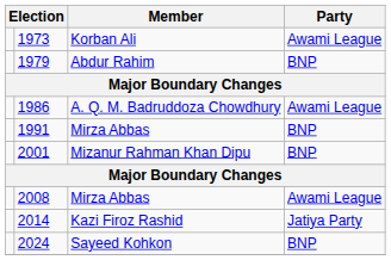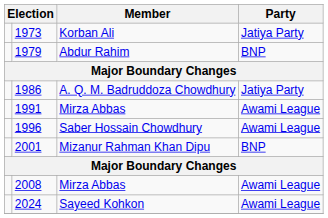 <table class="wikitable">
 <tr>
 <th colspan="2">Election</th>
 <th>Member</th>
 <th>Party</th>
 </tr>
 <tr>
 <td style="background-color:"></td>
 <td><a href='#'>1973</a></td>
 <td><a href='#'>Korban Ali</a></td>
-<td><a href='#'>Awami League</a></td>
+<td><a href='#'>Jatiya Party</a></td>
 </tr>
 <tr>
 <td style="background-color:"></td>
 <td><a href='#'>1979</a></td>
 <td><a href='#'>Abdur Rahim</a></td>
 <td><a href='#'>BNP</a></td>
 </tr>
 <tr>
 <th colspan="4">Major Boundary Changes</th>
 </tr>
 <tr>
 <td style="background-color:"></td>
 <td><a href='#'>1986</a></td>
 <td><a href='#'>A. Q. M. Badruddoza Chowdhury</a></td>
-<td><a href='#'>Awami League</a></td>
+<td><a href='#'>Jatiya Party</a></td>
 </tr>
 <tr>
 <td style="background-color:"></td>
 <td><a href='#'>1991</a></td>
 <td><a href='#'>Mirza Abbas</a></td>
-<td><a href='#'>BNP</a></td>
+<td><a href='#'>Awami League</a></td>
+</tr>
+<tr>
+<td style="background-color:"></td>
+<td><a href='#'>1996</a></td>
+<td><a href='#'>Saber Hossain Chowdhury</a></td>
+<td><a href='#'>Awami League</a></td>
 </tr>
 <tr>
 <td style="background-color:"></td>
 <td><a href='#'>2001</a></td>
 <td><a href='#'>Mizanur Rahman Khan Dipu</a></td>
 <td><a href='#'>BNP</a></td>
 </tr>
 <tr>
 <th colspan="4">Major Boundary Changes</th>
 </tr>
 <tr>
 <td style="background-color:"></td>
 <td><a href='#'>2008</a></td>
 <td><a href='#'>Mirza Abbas</a></td>
 <td><a href='#'>Awami League</a></td>
 </tr>
 <tr>
 <td style="background-color:"></td>
-<td><a href='#'>2014</a></td>
-<td><a href='#'>Kazi Firoz Rashid</a></td>
-<td><a href='#'>Jatiya Party</a></td>
-</tr>
-<tr>
-<td style="background-color:"></td>
 <td><a href='#'>2024</a></td>
 <td><a href='#'>Sayeed Kohkon</a></td>
-<td><a href='#'>BNP</a></td>
+<td><a href='#'>Awami League</a></td>
 </tr>
 <tr>
 </tr>
 </table>
